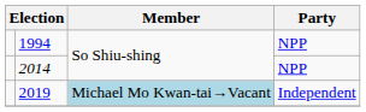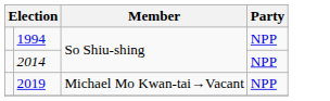 <table class="wikitable">
 <tr>
 <th colspan="2">Election</th>
 <th>Member</th>
 <th>Party</th>
 </tr>
 <tr>
 <td style="color:inherit;background:"></td>
 <td><a href='#'>1994</a></td>
 <td rowspan=2>So Shiu-shing</td>
 <td><a href='#'>NPP</a></td>
 </tr>
 <tr>
 <td style="color:inherit;background:"></td>
 <td><em>2014</em></td>
 <td><a href='#'>NPP</a></td>
 </tr>
 <tr>
 <td style="color:inherit;background:"></td>
 <td><a href='#'>2019</a></td>
-<td style="background: lightblue;">Michael Mo Kwan-tai→Vacant</td>
-<td><a href='#'>Independent</a></td>
+<td>Michael Mo Kwan-tai→Vacant</td>
+<td><a href='#'>NPP</a></td>
 </tr>
 <tr>
 </tr>
 </table>
